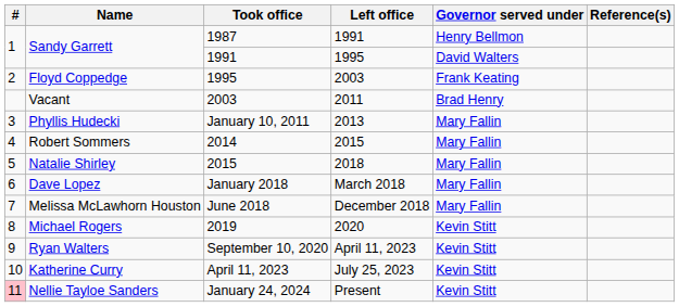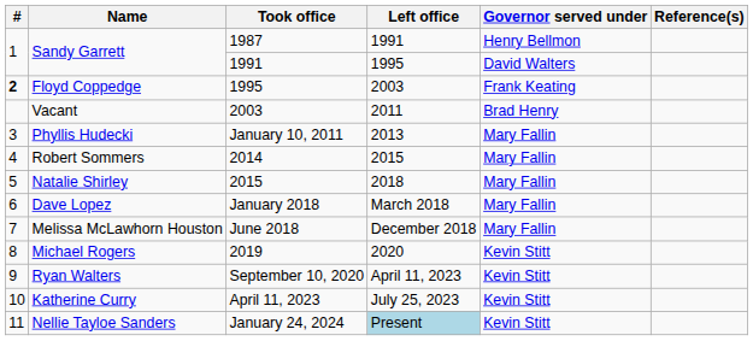 <table class="wikitable">
 <tr>
 <th>#</th>
 <th>Name</th>
 <th>Took office</th>
 <th>Left office</th>
 <th><a href='#'>Governor</a> served under</th>
 <th>Reference(s)</th>
 </tr>
 <tr>
 <td rowspan=2>1</td>
 <td rowspan=2><a href='#'>Sandy Garrett</a></td>
 <td>1987</td>
 <td>1991</td>
 <td><a href='#'>Henry Bellmon</a></td>
 <td></td>
 </tr>
 <tr>
 <td>1991</td>
 <td>1995</td>
 <td><a href='#'>David Walters</a></td>
 <td></td>
 </tr>
 <tr>
-<td>2</td>
+<td><strong>2</strong></td>
 <td><a href='#'>Floyd Coppedge</a></td>
 <td>1995</td>
 <td>2003</td>
 <td><a href='#'>Frank Keating</a></td>
 <td></td>
 </tr>
 <tr>
 <td></td>
 <td>Vacant</td>
 <td>2003</td>
 <td>2011</td>
 <td><a href='#'>Brad Henry</a></td>
 <td></td>
 </tr>
 <tr>
 <td>3</td>
 <td><a href='#'>Phyllis Hudecki</a></td>
 <td>January 10, 2011</td>
 <td>2013</td>
 <td><a href='#'>Mary Fallin</a></td>
 <td></td>
 </tr>
 <tr>
 <td>4</td>
 <td>Robert Sommers</td>
 <td>2014</td>
 <td>2015</td>
 <td><a href='#'>Mary Fallin</a></td>
 <td></td>
 </tr>
 <tr>
 <td>5</td>
 <td><a href='#'>Natalie Shirley</a></td>
 <td>2015</td>
 <td>2018</td>
 <td><a href='#'>Mary Fallin</a></td>
 <td></td>
 </tr>
 <tr>
 <td>6</td>
 <td><a href='#'>Dave Lopez</a></td>
 <td>January 2018</td>
 <td>March 2018</td>
 <td><a href='#'>Mary Fallin</a></td>
 <td></td>
 </tr>
 <tr>
 <td>7</td>
 <td>Melissa McLawhorn Houston</td>
 <td>June 2018</td>
 <td>December 2018</td>
 <td><a href='#'>Mary Fallin</a></td>
 <td></td>
 </tr>
 <tr>
 <td>8</td>
 <td><a href='#'>Michael Rogers</a></td>
 <td>2019</td>
 <td>2020</td>
 <td><a href='#'>Kevin Stitt</a></td>
 <td></td>
 </tr>
 <tr>
 <td>9</td>
 <td><a href='#'>Ryan Walters</a></td>
 <td>September 10, 2020</td>
 <td>April 11, 2023</td>
 <td><a href='#'>Kevin Stitt</a></td>
 <td></td>
 </tr>
 <tr>
 <td>10</td>
 <td><a href='#'>Katherine Curry</a></td>
 <td>April 11, 2023</td>
 <td>July 25, 2023</td>
 <td><a href='#'>Kevin Stitt</a></td>
 <td></td>
 </tr>
 <tr>
-<td style="background: pink;">11</td>
+<td>11</td>
 <td><a href='#'>Nellie Tayloe Sanders</a></td>
 <td>January 24, 2024</td>
-<td>Present</td>
+<td style="background: lightblue;">Present</td>
 <td><a href='#'>Kevin Stitt</a></td>
 <td></td>
 </tr>
 </table>
